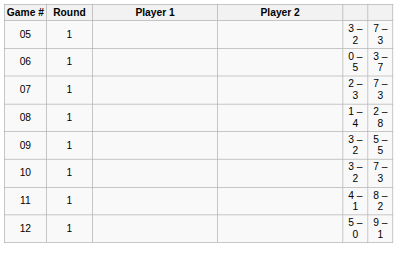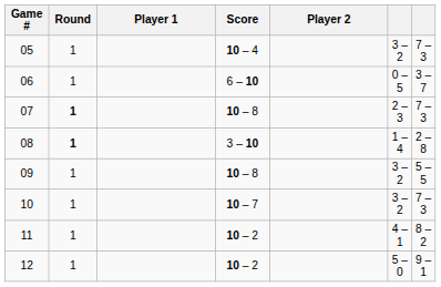 <table class="wikitable">
 <tr>
 <th width="2%">Game #</th>
 <th width="2%">Round</th>
 <th width="15%">Player 1</th>
+<th width="5%">Score</th>
 <th width="15%">Player 2</th>
 <th width="3%"></th>
 <th width="3%"></th>
 </tr>
 <tr style=text-align:center;"background:#;">
 <td>05</td>
 <td>1</td>
 <td><strong></strong></td>
+<td><strong>10</strong> – 4</td>
 <td></td>
 <td>3 – 2</td>
 <td>7 – 3</td>
 </tr>
 <tr style=text-align:center;"background:#;">
 <td>06</td>
 <td>1</td>
 <td></td>
+<td>6 – <strong>10</strong></td>
 <td><strong></strong></td>
 <td>0 – 5</td>
 <td>3 – 7</td>
 </tr>
 <tr style=text-align:center;"background:#;">
 <td>07</td>
-<td>1</td>
+<td><strong>1</strong></td>
 <td><strong></strong></td>
+<td><strong>10</strong> – 8</td>
 <td></td>
 <td>2 – 3</td>
 <td>7 – 3</td>
 </tr>
 <tr style=text-align:center;"background:#;">
 <td>08</td>
-<td>1</td>
+<td><strong>1</strong></td>
 <td></td>
+<td>3 – <strong>10</strong></td>
 <td><strong></strong></td>
 <td>1 – 4</td>
 <td>2 – 8</td>
 </tr>
 <tr style=text-align:center;"background:#;">
 <td>09</td>
 <td>1</td>
 <td><strong></strong></td>
+<td><strong>10</strong> – 8</td>
 <td></td>
 <td>3 – 2</td>
 <td>5 – 5</td>
 </tr>
 <tr style=text-align:center;"background:#;">
 <td>10</td>
 <td>1</td>
 <td><strong></strong></td>
+<td><strong>10</strong> – 7</td>
 <td></td>
 <td>3 – 2</td>
 <td>7 – 3</td>
 </tr>
 <tr style=text-align:center;"background:#;">
 <td>11</td>
 <td>1</td>
 <td><strong></strong></td>
+<td><strong>10</strong> – 2</td>
 <td></td>
 <td>4 – 1</td>
 <td>8 – 2</td>
 </tr>
 <tr style=text-align:center;"background:#;">
 <td>12</td>
 <td>1</td>
 <td><strong></strong></td>
+<td><strong>10</strong> – 2</td>
 <td></td>
 <td>5 – 0</td>
 <td>9 – 1</td>
 </tr>
 </table>
